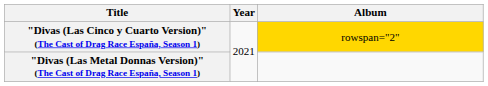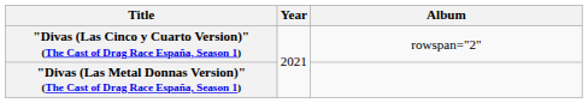 <table class="wikitable plainrowheaders" style="text-align:center;">
 <tr>
 <th style="width:20em;">Title</th>
 <th style="width:1em;">Year</th>
 <th style="width:20em;">Album</th>
 </tr>
 <tr>
 <th scope="row">"Divas (Las Cinco y Cuarto Version)"<br><small>(<a href='#'>The Cast of Drag Race España, Season 1</a>)</small></th>
 <td rowspan="2">2021</td>
-<td style="background: gold;">rowspan="2" </td>
+<td>rowspan="2" </td>
 </tr>
 <tr>
 <th scope="row">"Divas (Las Metal Donnas Version)"<br><small>(<a href='#'>The Cast of Drag Race España, Season 1</a>)</small></th>
 </tr>
 </table>
